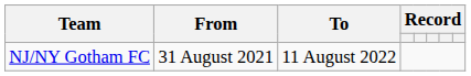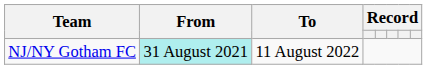 <table class=wikitable style="text-align:center;">
 <tr>
 <th rowspan=2>Team</th>
 <th rowspan=2>From</th>
 <th rowspan=2>To</th>
 <th colspan=5>Record</th>
 </tr>
 <tr>
 <th></th>
 <th></th>
 <th></th>
 <th></th>
 <th></th>
 </tr>
 <tr>
 <td align=left><a href='#'>NJ/NY Gotham FC</a></td>
-<td align=left>31 August 2021</td>
+<td align=left style="background: paleturquoise;">31 August 2021</td>
 <td align=left>11 August 2022<br></td>
 </tr>
 </table>
